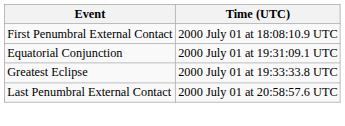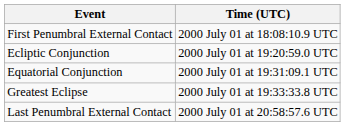 <table class="wikitable">
 <tr>
 <th>Event</th>
 <th>Time (UTC)</th>
 </tr>
 <tr>
 <td>First Penumbral External Contact</td>
 <td>2000 July 01 at 18:08:10.9 UTC</td>
+</tr>
+<tr>
+<td>Ecliptic Conjunction</td>
+<td>2000 July 01 at 19:20:59.0 UTC</td>
 </tr>
 <tr>
 <td>Equatorial Conjunction</td>
 <td>2000 July 01 at 19:31:09.1 UTC</td>
 </tr>
 <tr>
 <td>Greatest Eclipse</td>
 <td>2000 July 01 at 19:33:33.8 UTC</td>
 </tr>
 <tr>
 <td>Last Penumbral External Contact</td>
 <td>2000 July 01 at 20:58:57.6 UTC</td>
 </tr>
 </table>
